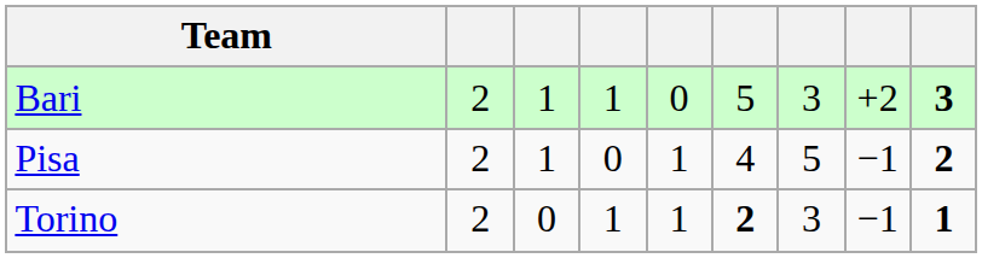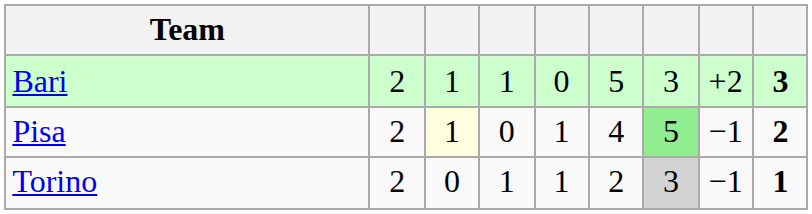 <table class="wikitable" style="text-align: center;">
 <tr>
 <th width=175>Team</th>
 <th width=20></th>
 <th width=20></th>
 <th width=20></th>
 <th width=20></th>
 <th width=20></th>
 <th width=20></th>
 <th width=20></th>
 <th width=20></th>
 </tr>
 <tr bgcolor="#ccffcc">
 <td align=left><a href='#'>Bari</a></td>
 <td>2</td>
 <td>1</td>
 <td>1</td>
 <td>0</td>
 <td>5</td>
 <td>3</td>
 <td>+2</td>
 <td><strong>3</strong></td>
 </tr>
 <tr>
 <td align=left><a href='#'>Pisa</a></td>
 <td>2</td>
-<td>1</td>
+<td style="background: lightyellow;">1</td>
 <td>0</td>
 <td>1</td>
 <td>4</td>
-<td>5</td>
+<td style="background: lightgreen;">5</td>
 <td>−1</td>
 <td><strong>2</strong></td>
 </tr>
 <tr>
 <td align=left><a href='#'>Torino</a></td>
 <td>2</td>
 <td>0</td>
 <td>1</td>
 <td>1</td>
-<td><strong>2</strong></td>
-<td>3</td>
+<td>2</td>
+<td style="background: lightgrey;">3</td>
 <td>−1</td>
 <td><strong>1</strong></td>
 </tr>
 </table>
